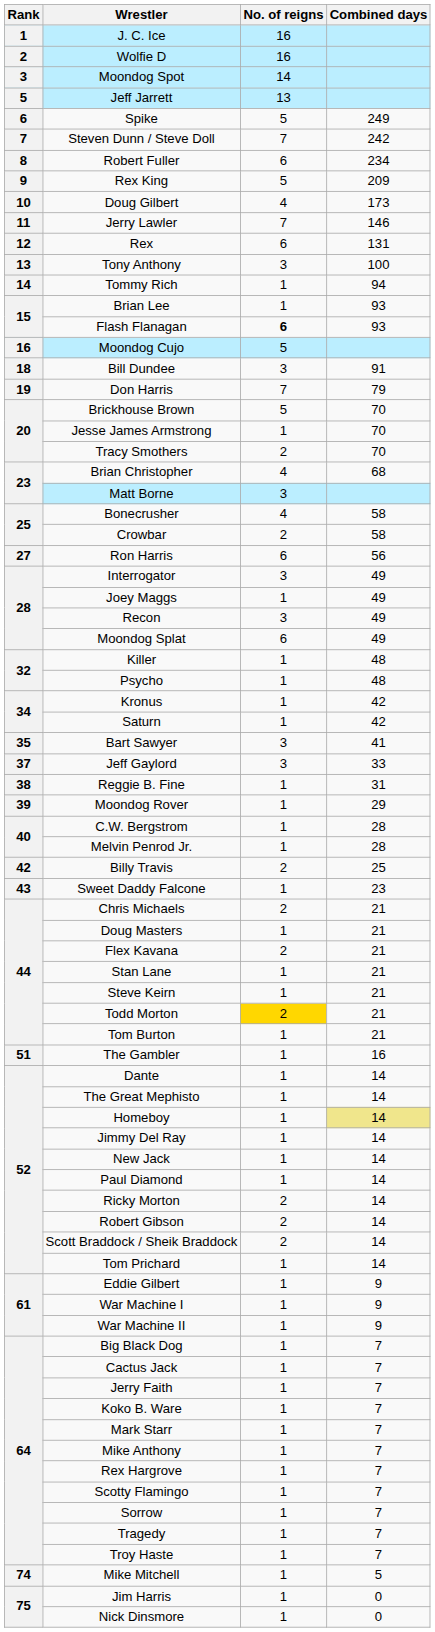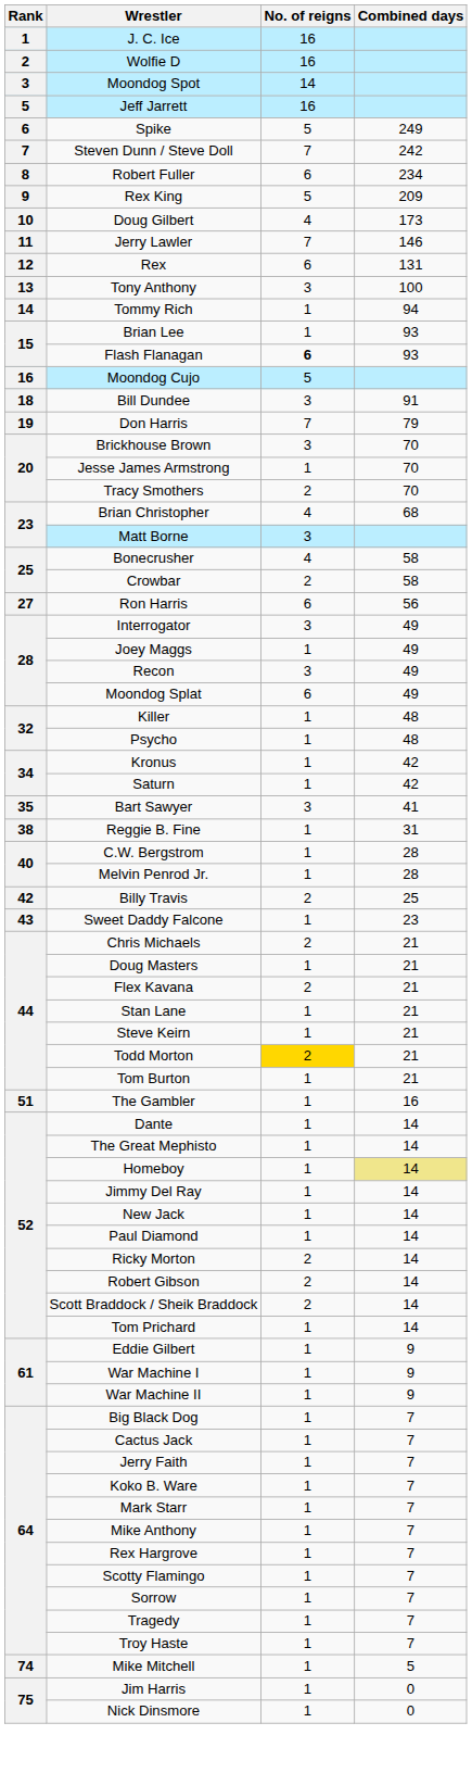 <table class="wikitable sortable" style="text-align: center">
 <tr>
 <th data-sort-type="number">Rank</th>
 <th>Wrestler</th>
 <th data-sort-type="number">No. of reigns</th>
 <th data-sort-type="number">Combined days</th>
 </tr>
 <tr style="background-color:#bbeeff">
 <th scope="row">1</th>
 <td>J. C. Ice</td>
 <td>16</td>
 <td></td>
 </tr>
 <tr style="background-color:#bbeeff">
 <th scope="row">2</th>
 <td>Wolfie D</td>
 <td>16</td>
 <td></td>
 </tr>
 <tr style="background-color:#bbeeff">
 <th scope="row">3</th>
 <td>Moondog Spot</td>
 <td>14</td>
 <td></td>
 </tr>
 <tr style="background-color:#bbeeff">
 <th scope="row">5</th>
 <td>Jeff Jarrett</td>
-<td>13</td>
+<td>16</td>
 <td></td>
 </tr>
 <tr>
 <th scope="row">6</th>
 <td>Spike</td>
 <td>5</td>
 <td>249</td>
 </tr>
 <tr>
 <th scope="row">7</th>
 <td>Steven Dunn / Steve Doll</td>
 <td>7</td>
 <td>242</td>
 </tr>
 <tr>
 <th scope="row">8</th>
 <td>Robert Fuller</td>
 <td>6</td>
 <td>234</td>
 </tr>
 <tr>
 <th scope="row">9</th>
 <td>Rex King</td>
 <td>5</td>
 <td>209</td>
 </tr>
 <tr>
 <th scope="row">10</th>
 <td>Doug Gilbert</td>
 <td>4</td>
 <td>173</td>
 </tr>
 <tr>
 <th scope="row">11</th>
 <td>Jerry Lawler</td>
 <td>7</td>
 <td>146</td>
 </tr>
 <tr>
 <th scope="row">12</th>
 <td>Rex</td>
 <td>6</td>
 <td>131</td>
 </tr>
 <tr>
 <th scope="row">13</th>
 <td>Tony Anthony</td>
 <td>3</td>
 <td>100</td>
 </tr>
 <tr>
 <th scope="row">14</th>
 <td>Tommy Rich</td>
 <td>1</td>
 <td>94</td>
 </tr>
 <tr>
 <th scope="row"  rowspan=2>15</th>
 <td>Brian Lee</td>
 <td>1</td>
 <td>93</td>
 </tr>
 <tr>
 <td>Flash Flanagan</td>
 <td><strong>6</strong></td>
 <td>93</td>
 </tr>
 <tr style="background-color:#bbeeff">
 <th scope="row">16</th>
 <td>Moondog Cujo</td>
 <td>5</td>
 <td></td>
 </tr>
 <tr>
 <th scope="row">18</th>
 <td>Bill Dundee</td>
 <td>3</td>
 <td>91</td>
 </tr>
 <tr>
 <th scope="row">19</th>
 <td>Don Harris</td>
 <td>7</td>
 <td>79</td>
 </tr>
 <tr>
 <th scope="row"  rowspan=3>20</th>
 <td>Brickhouse Brown</td>
-<td>5</td>
+<td>3</td>
 <td>70</td>
 </tr>
 <tr>
 <td>Jesse James Armstrong</td>
 <td>1</td>
 <td>70</td>
 </tr>
 <tr>
 <td>Tracy Smothers</td>
 <td>2</td>
 <td>70</td>
 </tr>
 <tr>
 <th scope="row"  rowspan=2>23</th>
 <td>Brian Christopher</td>
 <td>4</td>
 <td>68</td>
 </tr>
 <tr style="background-color:#bbeeff">
 <td>Matt Borne</td>
 <td>3</td>
 <td></td>
 </tr>
 <tr>
 <th scope="row"  rowspan=2>25</th>
 <td>Bonecrusher</td>
 <td>4</td>
 <td>58</td>
 </tr>
 <tr>
 <td>Crowbar</td>
 <td>2</td>
 <td>58</td>
 </tr>
 <tr>
 <th scope="row">27</th>
 <td>Ron Harris</td>
 <td>6</td>
 <td>56</td>
 </tr>
 <tr>
 <th scope="row"  rowspan=4>28</th>
 <td>Interrogator</td>
 <td>3</td>
 <td>49</td>
 </tr>
 <tr>
 <td>Joey Maggs</td>
 <td>1</td>
 <td>49</td>
 </tr>
 <tr>
 <td>Recon</td>
 <td>3</td>
 <td>49</td>
 </tr>
 <tr>
 <td>Moondog Splat</td>
 <td>6</td>
 <td>49</td>
 </tr>
 <tr>
 <th scope="row"  rowspan=2>32</th>
 <td>Killer</td>
 <td>1</td>
 <td>48</td>
 </tr>
 <tr>
 <td>Psycho</td>
 <td>1</td>
 <td>48</td>
 </tr>
 <tr>
 <th scope="row"  rowspan=2>34</th>
 <td>Kronus</td>
 <td>1</td>
 <td>42</td>
 </tr>
 <tr>
 <td>Saturn</td>
 <td>1</td>
 <td>42</td>
 </tr>
 <tr>
 <th scope="row">35</th>
 <td>Bart Sawyer</td>
 <td>3</td>
 <td>41</td>
 </tr>
 <tr>
-<th scope="row">37</th>
-<td>Jeff Gaylord</td>
-<td>3</td>
-<td>33</td>
-</tr>
-<tr>
 <th scope="row">38</th>
 <td>Reggie B. Fine</td>
 <td>1</td>
 <td>31</td>
-</tr>
-<tr>
-<th scope="row">39</th>
-<td>Moondog Rover</td>
-<td>1</td>
-<td>29</td>
 </tr>
 <tr>
 <th scope="row"  rowspan=2>40</th>
 <td>C.W. Bergstrom</td>
 <td>1</td>
 <td>28</td>
 </tr>
 <tr>
 <td>Melvin Penrod Jr.</td>
 <td>1</td>
 <td>28</td>
 </tr>
 <tr>
 <th scope="row">42</th>
 <td>Billy Travis</td>
 <td>2</td>
 <td>25</td>
 </tr>
 <tr>
 <th scope="row">43</th>
 <td>Sweet Daddy Falcone</td>
 <td>1</td>
 <td>23</td>
 </tr>
 <tr>
 <th scope="row"  rowspan=7>44</th>
 <td>Chris Michaels</td>
 <td>2</td>
 <td>21</td>
 </tr>
 <tr>
 <td>Doug Masters</td>
 <td>1</td>
 <td>21</td>
 </tr>
 <tr>
 <td>Flex Kavana</td>
 <td>2</td>
 <td>21</td>
 </tr>
 <tr>
 <td>Stan Lane</td>
 <td>1</td>
 <td>21</td>
 </tr>
 <tr>
 <td>Steve Keirn</td>
 <td>1</td>
 <td>21</td>
 </tr>
 <tr>
 <td>Todd Morton</td>
 <td style="background: gold;">2</td>
 <td>21</td>
 </tr>
 <tr>
 <td>Tom Burton</td>
 <td>1</td>
 <td>21</td>
 </tr>
 <tr>
 <th scope="row">51</th>
 <td>The Gambler</td>
 <td>1</td>
 <td>16</td>
 </tr>
 <tr>
 <th scope="row"  rowspan=10>52</th>
 <td>Dante</td>
 <td>1</td>
 <td>14</td>
 </tr>
 <tr>
 <td>The Great Mephisto</td>
 <td>1</td>
 <td>14</td>
 </tr>
 <tr>
 <td>Homeboy</td>
 <td>1</td>
 <td style="background: khaki;">14</td>
 </tr>
 <tr>
 <td>Jimmy Del Ray</td>
 <td>1</td>
 <td>14</td>
 </tr>
 <tr>
 <td>New Jack</td>
 <td>1</td>
 <td>14</td>
 </tr>
 <tr>
 <td>Paul Diamond</td>
 <td>1</td>
 <td>14</td>
 </tr>
 <tr>
 <td>Ricky Morton</td>
 <td>2</td>
 <td>14</td>
 </tr>
 <tr>
 <td>Robert Gibson</td>
 <td>2</td>
 <td>14</td>
 </tr>
 <tr>
 <td>Scott Braddock / Sheik Braddock</td>
 <td>2</td>
 <td>14</td>
 </tr>
 <tr>
 <td>Tom Prichard</td>
 <td>1</td>
 <td>14</td>
 </tr>
 <tr>
 <th scope="row"  rowspan=3>61</th>
 <td>Eddie Gilbert</td>
 <td>1</td>
 <td>9</td>
 </tr>
 <tr>
 <td>War Machine I</td>
 <td>1</td>
 <td>9</td>
 </tr>
 <tr>
 <td>War Machine II</td>
 <td>1</td>
 <td>9</td>
 </tr>
 <tr>
 <th scope="row"  rowspan=11>64</th>
 <td>Big Black Dog</td>
 <td>1</td>
 <td>7</td>
 </tr>
 <tr>
 <td>Cactus Jack</td>
 <td>1</td>
 <td>7</td>
 </tr>
 <tr>
 <td>Jerry Faith</td>
 <td>1</td>
 <td>7</td>
 </tr>
 <tr>
 <td>Koko B. Ware</td>
 <td>1</td>
 <td>7</td>
 </tr>
 <tr>
 <td>Mark Starr</td>
 <td>1</td>
 <td>7</td>
 </tr>
 <tr>
 <td>Mike Anthony</td>
 <td>1</td>
 <td>7</td>
 </tr>
 <tr>
 <td>Rex Hargrove</td>
 <td>1</td>
 <td>7</td>
 </tr>
 <tr>
 <td>Scotty Flamingo</td>
 <td>1</td>
 <td>7</td>
 </tr>
 <tr>
 <td>Sorrow</td>
 <td>1</td>
 <td>7</td>
 </tr>
 <tr>
 <td>Tragedy</td>
 <td>1</td>
 <td>7</td>
 </tr>
 <tr>
 <td>Troy Haste</td>
 <td>1</td>
 <td>7</td>
 </tr>
 <tr>
 <th scope="row">74</th>
 <td>Mike Mitchell</td>
 <td>1</td>
 <td>5</td>
 </tr>
 <tr>
 <th scope="row"  rowspan=2>75</th>
 <td>Jim Harris</td>
 <td>1</td>
 <td>0</td>
 </tr>
 <tr>
 <td>Nick Dinsmore</td>
 <td>1</td>
 <td>0</td>
 </tr>
 </table>
